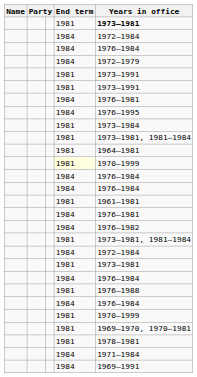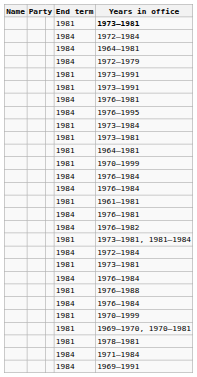 <table class="wikitable sortable">
 <tr>
 <th>Name</th>
 <th colspan=2>Party</th>
 <th>End term</th>
 <th>Years in office</th>
 </tr>
 <tr>
 <td></td>
 <td> </td>
 <td></td>
 <td>1981</td>
 <td><strong>1973–1981</strong></td>
 </tr>
 <tr>
 <td></td>
 <td> </td>
 <td></td>
 <td>1984</td>
 <td>1972–1984</td>
 </tr>
 <tr>
 <td></td>
 <td> </td>
 <td></td>
 <td>1984</td>
-<td>1976–1984</td>
+<td>1964–1981</td>
 </tr>
 <tr>
 <td></td>
 <td> </td>
 <td></td>
 <td>1984</td>
 <td>1972–1979</td>
 </tr>
 <tr>
 <td></td>
 <td> </td>
 <td></td>
 <td>1981</td>
 <td>1973–1991</td>
 </tr>
 <tr>
 <td></td>
 <td> </td>
 <td></td>
 <td>1981</td>
 <td>1973–1991</td>
 </tr>
 <tr>
 <td></td>
 <td> </td>
 <td></td>
 <td>1984</td>
 <td>1976–1981</td>
 </tr>
 <tr>
 <td></td>
 <td> </td>
 <td></td>
 <td>1984</td>
 <td>1976–1995</td>
 </tr>
 <tr>
 <td></td>
 <td> </td>
 <td></td>
 <td>1981</td>
 <td>1973–1984</td>
 </tr>
 <tr>
 <td></td>
 <td> </td>
 <td></td>
 <td>1981</td>
-<td>1973–1981, 1981–1984</td>
+<td>1973–1981</td>
 </tr>
 <tr>
 <td></td>
 <td> </td>
 <td></td>
 <td>1981</td>
 <td>1964–1981</td>
 </tr>
 <tr>
 <td></td>
 <td> </td>
 <td></td>
-<td style="background: lightyellow;">1981</td>
+<td>1981</td>
 <td>1970–1999</td>
 </tr>
 <tr>
 <td></td>
 <td> </td>
 <td></td>
 <td>1984</td>
 <td>1976–1984</td>
 </tr>
 <tr>
 <td></td>
 <td> </td>
 <td></td>
 <td>1984</td>
 <td>1976–1984</td>
 </tr>
 <tr>
 <td></td>
 <td> </td>
 <td></td>
 <td>1981</td>
 <td>1961–1981</td>
 </tr>
 <tr>
 <td></td>
 <td> </td>
 <td></td>
 <td>1984</td>
 <td>1976–1981</td>
 </tr>
 <tr>
 <td></td>
 <td> </td>
 <td></td>
 <td>1984</td>
 <td>1976–1982</td>
 </tr>
 <tr>
 <td></td>
 <td> </td>
 <td></td>
 <td>1981</td>
 <td>1973–1981, 1981–1984</td>
 </tr>
 <tr>
 <td></td>
 <td> </td>
 <td></td>
 <td>1984</td>
 <td>1972–1984</td>
 </tr>
 <tr>
 <td></td>
 <td> </td>
 <td></td>
 <td>1981</td>
 <td>1973–1981</td>
 </tr>
 <tr>
 <td></td>
 <td> </td>
 <td></td>
 <td>1984</td>
 <td>1976–1984</td>
 </tr>
 <tr>
 <td></td>
 <td> </td>
 <td></td>
 <td>1981</td>
 <td>1976–1988</td>
 </tr>
 <tr>
 <td></td>
 <td> </td>
 <td></td>
 <td>1984</td>
 <td>1976–1984</td>
 </tr>
 <tr>
 <td></td>
 <td> </td>
 <td></td>
 <td>1981</td>
 <td>1970–1999</td>
 </tr>
 <tr>
 <td></td>
 <td> </td>
 <td></td>
 <td>1981</td>
 <td>1969–1970, 1970–1981</td>
 </tr>
 <tr>
 <td></td>
 <td> </td>
 <td></td>
 <td>1981</td>
 <td>1978–1981</td>
 </tr>
 <tr>
 <td></td>
 <td> </td>
 <td></td>
 <td>1984</td>
 <td>1971–1984</td>
 </tr>
 <tr>
 <td></td>
 <td> </td>
 <td></td>
 <td>1984</td>
 <td>1969–1991</td>
 </tr>
 </table>
